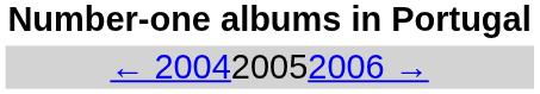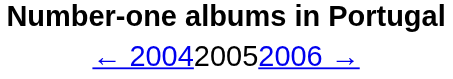 <table class="toc" id="toc" summary="Contents">
 <tr>
 <th>Number-one albums in Portugal</th>
 </tr>
 <tr>
-<td align="center" style="background: lightgrey;"><a href='#'>← 2004</a>2005<a href='#'>2006 →</a></td>
+<td align="center"><a href='#'>← 2004</a>2005<a href='#'>2006 →</a></td>
 </tr>
 </table>
